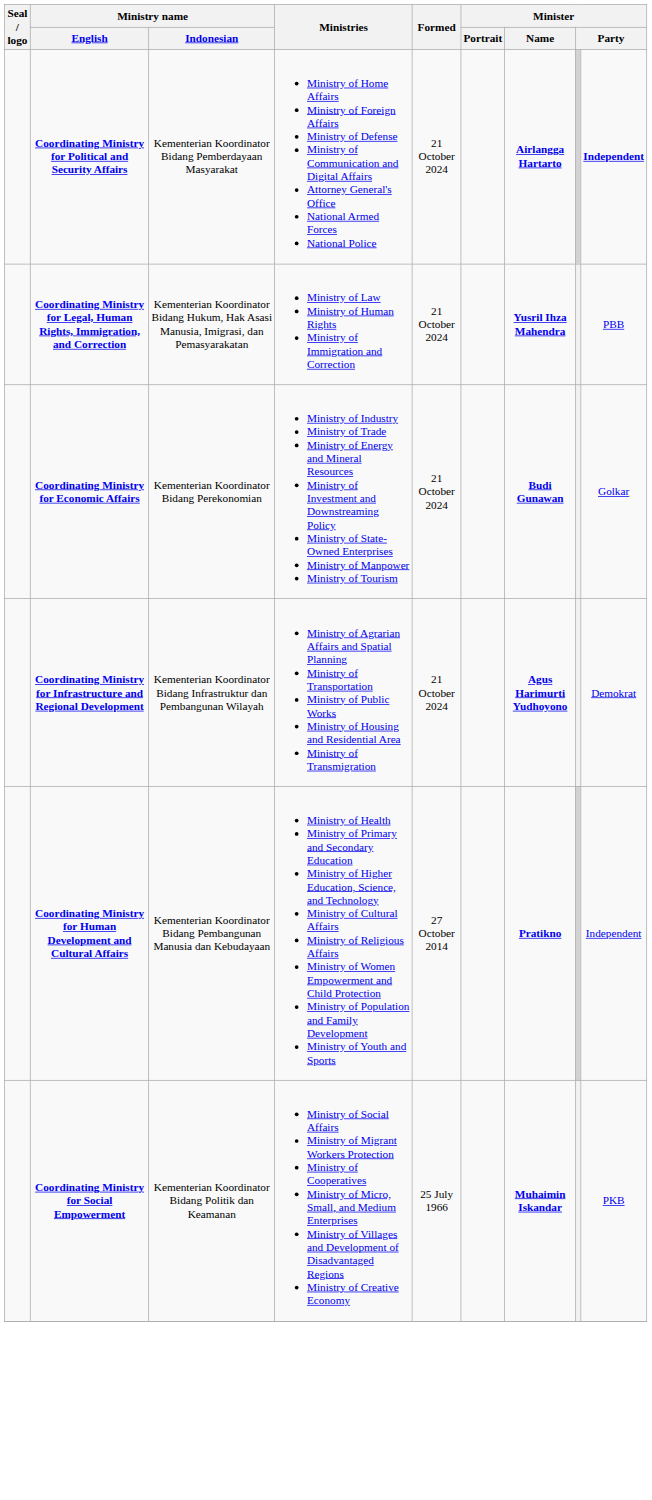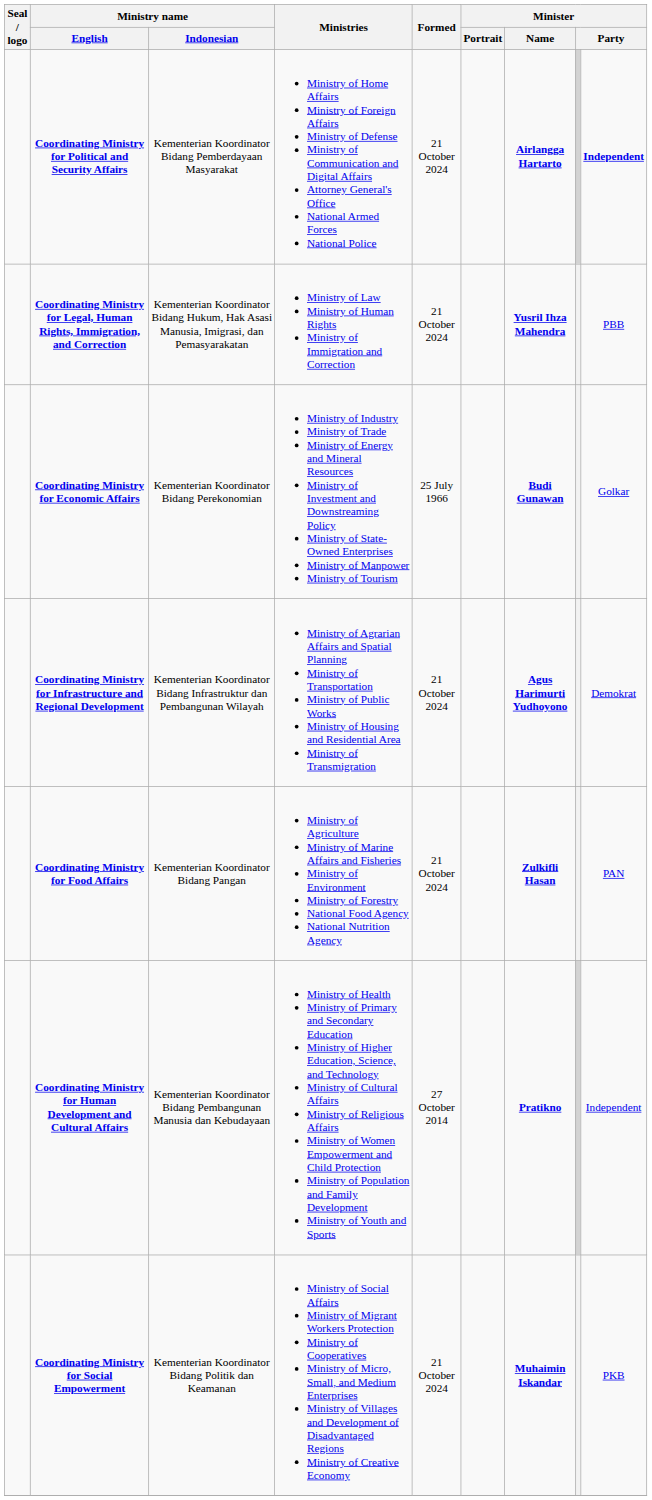 <table class="wikitable sortable" style="font-size:95%;">
 <tr>
 <th rowspan="2" class="unsortable">Seal /<br>logo</th>
 <th colspan="2">Ministry name</th>
 <th rowspan="2" class="unsortable">Ministries</th>
 <th rowspan="2" data-sort-type=date>Formed</th>
 <th colspan="4">Minister</th>
 </tr>
 <tr>
 <th><a href='#'>English</a></th>
 <th><a href='#'>Indonesian</a><br></th>
 <th class="unsortable">Portrait</th>
 <th>Name<br></th>
 <th colspan="2">Party</th>
 </tr>
 <tr>
 <td align="center"></td>
 <td align="center"><strong><a href='#'>Coordinating Ministry for Political and Security Affairs</a></strong></td>
 <td align="center">Kementerian Koordinator Bidang Pemberdayaan Masyarakat<br></td>
 <td align="left"><br><ul><li><a href='#'>Ministry of Home Affairs</a></li><li><a href='#'>Ministry of Foreign Affairs</a></li><li><a href='#'>Ministry of Defense</a></li><li><a href='#'>Ministry of Communication and Digital Affairs</a></li><li><a href='#'>Attorney General's Office</a></li><li><a href='#'>National Armed Forces</a></li><li><a href='#'>National Police</a></li></ul></td>
 <td align="center">21 October 2024</td>
 <td align="center"></td>
 <td align="center"><strong><a href='#'>Airlangga Hartarto</a></strong><br></td>
 <th style="background-color: lightgray"></th>
 <td align="center"><strong><a href='#'>Independent</a></strong></td>
 </tr>
 <tr>
 <td align="center"></td>
 <td align="center"><strong><a href='#'>Coordinating Ministry for Legal, Human Rights, Immigration, and Correction</a></strong></td>
 <td align="center">Kementerian Koordinator Bidang Hukum, Hak Asasi Manusia, Imigrasi, dan Pemasyarakatan<br></td>
 <td align="left"><br><ul><li><a href='#'>Ministry of Law</a></li><li><a href='#'>Ministry of Human Rights</a></li><li><a href='#'>Ministry of Immigration and Correction</a></li></ul></td>
 <td align="center">21 October 2024</td>
 <td align="center"></td>
 <td align="center"><strong><a href='#'>Yusril Ihza Mahendra</a></strong><br></td>
 <th style="background-color: "></th>
 <td align="center"><a href='#'>PBB</a></td>
 </tr>
 <tr>
 <td align="center"></td>
 <td align="center"><strong><a href='#'>Coordinating Ministry for Economic Affairs</a></strong></td>
 <td align="center">Kementerian Koordinator Bidang Perekonomian<br></td>
 <td align="left"><br><ul><li><a href='#'>Ministry of Industry</a></li><li><a href='#'>Ministry of Trade</a></li><li><a href='#'>Ministry of Energy and Mineral Resources</a></li><li><a href='#'>Ministry of Investment and Downstreaming Policy</a></li><li><a href='#'>Ministry of State-Owned Enterprises</a></li><li><a href='#'>Ministry of Manpower</a></li><li><a href='#'>Ministry of Tourism</a></li></ul></td>
-<td align="center">21 October 2024</td>
+<td align="center">25 July 1966</td>
 <td align="center"></td>
 <td align="center"><strong><a href='#'>Budi Gunawan</a></strong><br></td>
 <th style="background-color: "></th>
 <td align="center"><a href='#'>Golkar</a></td>
 </tr>
 <tr>
 <td align="center"></td>
 <td align="center"><strong><a href='#'>Coordinating Ministry for Infrastructure and Regional Development</a></strong></td>
 <td align="center">Kementerian Koordinator Bidang Infrastruktur dan Pembangunan Wilayah<br></td>
 <td align="left"><br><ul><li><a href='#'>Ministry of Agrarian Affairs and Spatial Planning</a></li><li><a href='#'>Ministry of Transportation</a></li><li><a href='#'>Ministry of Public Works</a></li><li><a href='#'>Ministry of Housing and Residential Area</a></li><li><a href='#'>Ministry of Transmigration</a></li></ul></td>
 <td align="center">21 October 2024</td>
 <td align="center"></td>
 <td align="center"><strong><a href='#'>Agus Harimurti Yudhoyono</a></strong><br></td>
 <th style="background-color: "></th>
 <td align="center"><a href='#'>Demokrat</a></td>
 </tr>
 <tr>
 <td align="center"></td>
+<td align="center"><strong><a href='#'>Coordinating Ministry for Food Affairs</a></strong></td>
+<td align="center">Kementerian Koordinator Bidang Pangan<br></td>
+<td align="left"><br><ul><li><a href='#'>Ministry of Agriculture</a></li><li><a href='#'>Ministry of Marine Affairs and Fisheries</a></li><li><a href='#'>Ministry of Environment</a></li><li><a href='#'>Ministry of Forestry</a></li><li><a href='#'>National Food Agency</a></li><li><a href='#'>National Nutrition Agency</a></li></ul></td>
+<td align="center">21 October 2024</td>
+<td align="center"></td>
+<td align="center"><strong><a href='#'>Zulkifli Hasan</a></strong><br></td>
+<th style="background-color: "></th>
+<td align="center"><a href='#'>PAN</a></td>
+</tr>
+<tr>
+<td align="center"></td>
 <td align="center"><strong><a href='#'>Coordinating Ministry for Human Development and Cultural Affairs</a></strong></td>
 <td align="center">Kementerian Koordinator Bidang Pembangunan Manusia dan Kebudayaan<br></td>
 <td align="left"><br><ul><li><a href='#'>Ministry of Health</a></li><li><a href='#'>Ministry of Primary and Secondary Education</a></li><li><a href='#'>Ministry of Higher Education, Science, and Technology</a></li><li><a href='#'>Ministry of Cultural Affairs</a></li><li><a href='#'>Ministry of Religious Affairs</a></li><li><a href='#'>Ministry of Women Empowerment and Child Protection</a></li><li><a href='#'>Ministry of Population and Family Development</a></li><li><a href='#'>Ministry of Youth and Sports</a></li></ul></td>
 <td align="center">27 October 2014</td>
 <td align="center"></td>
 <td align="center"><strong><a href='#'>Pratikno</a></strong><br></td>
 <th style="background-color: lightgray"></th>
 <td align="center"><a href='#'>Independent</a></td>
 </tr>
 <tr>
 <td align="center"></td>
 <td align="center"><strong><a href='#'>Coordinating Ministry for Social Empowerment</a></strong></td>
 <td align="center">Kementerian Koordinator Bidang Politik dan Keamanan<br></td>
 <td align="left"><br><ul><li><a href='#'>Ministry of Social Affairs</a></li><li><a href='#'>Ministry of Migrant Workers Protection</a></li><li><a href='#'>Ministry of Cooperatives</a></li><li><a href='#'>Ministry of Micro, Small, and Medium Enterprises</a></li><li><a href='#'>Ministry of Villages and Development of Disadvantaged Regions</a></li><li><a href='#'>Ministry of Creative Economy</a></li></ul></td>
-<td align="center">25 July 1966</td>
+<td align="center">21 October 2024</td>
 <td align="center"></td>
 <td align="center"><strong><a href='#'>Muhaimin Iskandar</a></strong><br></td>
 <th style="background-color: "></th>
 <td align="center"><a href='#'>PKB</a></td>
 </tr>
 <tr>
 </tr>
 </table>
